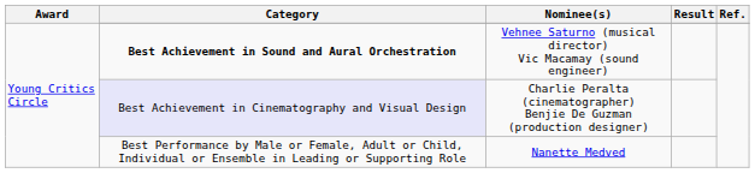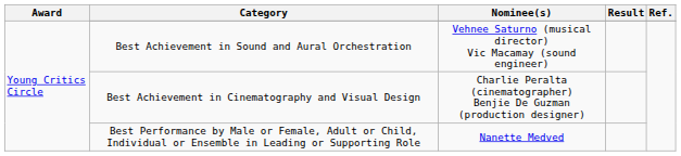 <table class="wikitable">
 <tr>
 <th>Award</th>
 <th>Category</th>
 <th>Nominee(s)</th>
 <th>Result</th>
 <th>Ref.</th>
 </tr>
 <tr>
 <td rowspan="4"><a href='#'>Young Critics Circle</a></td>
 </tr>
 <tr>
-<td style="text-align: center;"><strong>Best Achievement in Sound and Aural Orchestration</strong></td>
+<td style="text-align: center;">Best Achievement in Sound and Aural Orchestration</td>
 <td style="text-align: center;"><a href='#'>Vehnee Saturno</a> (musical director)<br>Vic Macamay (sound engineer)</td>
 <td></td>
 <td rowspan="3"></td>
 </tr>
 <tr>
-<td style="background: lavender; text-align: center;">Best Achievement in Cinematography and Visual Design</td>
+<td style="text-align: center;">Best Achievement in Cinematography and Visual Design</td>
 <td style="text-align: center;">Charlie Peralta (cinematographer)<br>Benjie De Guzman (production designer)</td>
 <td></td>
 </tr>
 <tr>
 <td style="text-align: center;">Best Performance by Male or Female, Adult or Child, Individual or Ensemble in Leading or Supporting Role</td>
 <td style="text-align: center;"><a href='#'>Nanette Medved</a></td>
 <td></td>
 </tr>
 </table>
